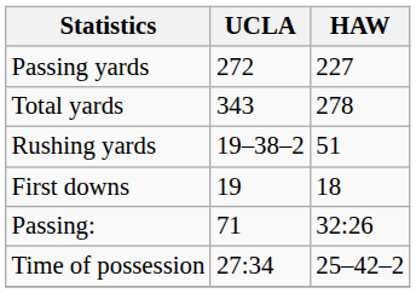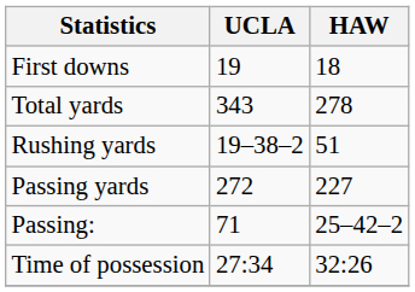 <table class="wikitable" style="float: left;">
 <tr>
 <th>Statistics</th>
 <th>UCLA</th>
 <th>HAW</th>
 </tr>
 <tr>
-<td>Passing yards</td>
-<td>272</td>
-<td>227</td>
+<td>First downs</td>
+<td>19</td>
+<td>18</td>
 </tr>
 <tr>
 <td>Total yards</td>
 <td>343</td>
 <td>278</td>
 </tr>
 <tr>
 <td>Rushing yards</td>
 <td>19–38–2</td>
 <td>51</td>
 </tr>
 <tr>
-<td>First downs</td>
-<td>19</td>
-<td>18</td>
+<td>Passing yards</td>
+<td>272</td>
+<td>227</td>
 </tr>
 <tr>
 <td>Passing:</td>
 <td>71</td>
-<td>32:26</td>
+<td>25–42–2</td>
 </tr>
 <tr>
 <td>Time of possession</td>
 <td>27:34</td>
-<td>25–42–2</td>
+<td>32:26</td>
 </tr>
 <tr>
 </tr>
 </table>
